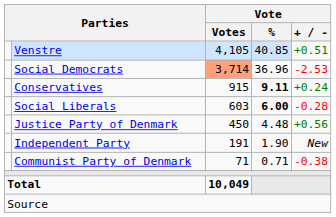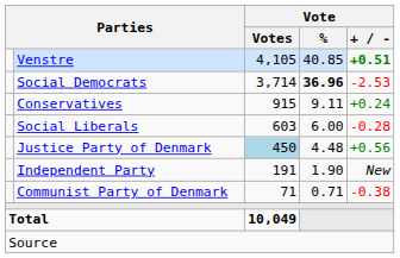 <table class="wikitable" style="text-align:right;">
 <tr>
 <th style="text-align:centre;" rowspan="2" colspan="2" width="225">Parties</th>
 <th colspan="3">Vote</th>
 </tr>
 <tr>
 <th width="15">Votes</th>
 <th width="15">%</th>
 <th width="15">+ / -</th>
 </tr>
 <tr>
 <td width="2" style="color:inherit;background:"></td>
 <td bgcolor=#cfe5fe  align="left"><a href='#'>Venstre</a></td>
 <td bgcolor=#cfe5fe>4,105</td>
 <td bgcolor=#cfe5fe>40.85</td>
-<td style=color:green;>+0.51</td>
+<td style=color:green;><strong>+0.51</strong></td>
 </tr>
 <tr>
 <td width="2" style="color:inherit;background:"></td>
 <td align="left"><a href='#'>Social Democrats</a></td>
-<td style="background: lightsalmon;">3,714</td>
-<td>36.96</td>
+<td>3,714</td>
+<td><strong>36.96</strong></td>
 <td style=color:red;>-2.53</td>
 </tr>
 <tr>
 <td width="2" style="color:inherit;background:"></td>
 <td align="left"><a href='#'>Conservatives</a></td>
 <td>915</td>
-<td><strong>9.11</strong></td>
+<td>9.11</td>
 <td style=color:green;>+0.24</td>
 </tr>
 <tr>
 <td width="2" style="color:inherit;background:"></td>
 <td align="left"><a href='#'>Social Liberals</a></td>
 <td>603</td>
-<td><strong>6.00</strong></td>
+<td>6.00</td>
 <td style=color:red;>-0.28</td>
 </tr>
 <tr>
 <td width="2" style="color:inherit;background:"></td>
 <td align="left"><a href='#'>Justice Party of Denmark</a></td>
-<td>450</td>
+<td style="background: lightblue;">450</td>
 <td>4.48</td>
 <td style=color:green;>+0.56</td>
 </tr>
 <tr>
 <td width="2" style="color:inherit;background:"></td>
 <td align="left"><a href='#'>Independent Party</a></td>
 <td>191</td>
 <td>1.90</td>
 <td><em>New</em></td>
 </tr>
 <tr>
 <td width="2" style="color:inherit;background:"></td>
 <td align="left"><a href='#'>Communist Party of Denmark</a></td>
 <td>71</td>
 <td>0.71</td>
 <td style=color:red;>-0.38</td>
 </tr>
 <tr>
 <td colspan="7" bgcolor="#E9E9E9"></td>
 </tr>
 <tr>
 <td align="left" colspan="2"><strong>Total</strong></td>
 <td><strong>10,049</strong></td>
 <td bgcolor="#E9E9E9" colspan="2"></td>
 </tr>
 <tr>
 <td align="left" colspan="6">Source</td>
 </tr>
 </table>
